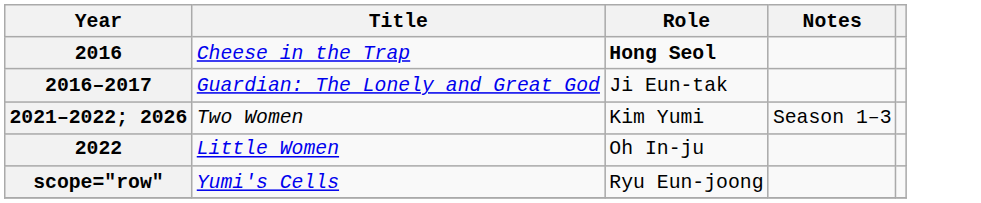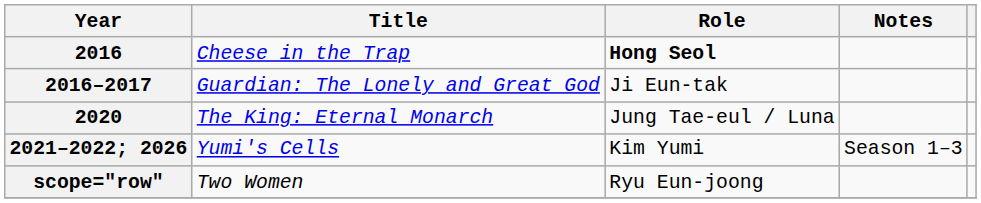 <table class="wikitable sortable plainrowheaders">
 <tr>
 <th scope="col">Year</th>
 <th scope="col">Title</th>
 <th scope="col">Role</th>
 <th scope="col">Notes</th>
 <th scope="col" class="unsortable"></th>
 </tr>
 <tr>
 <th scope="row">2016</th>
 <td><em><a href='#'>Cheese in the Trap</a></em></td>
 <td><strong>Hong Seol</strong></td>
 <td></td>
 <td style="text-align:center"></td>
 </tr>
 <tr>
 <th scope="row">2016–2017</th>
 <td><em><a href='#'>Guardian: The Lonely and Great God</a></em></td>
 <td>Ji Eun-tak</td>
 <td></td>
 <td style="text-align:center"></td>
 </tr>
 <tr>
+<th scope="row">2020</th>
+<td><em><a href='#'>The King: Eternal Monarch</a></em></td>
+<td>Jung Tae-eul / Luna</td>
+<td></td>
+<td style="text-align:center"></td>
+</tr>
+<tr>
 <th scope="row">2021–2022; 2026</th>
-<td><em>Two Women</em></td>
+<td><em><a href='#'>Yumi's Cells</a></em></td>
 <td>Kim Yumi</td>
 <td>Season 1–3</td>
 <td style="text-align:center"></td>
 </tr>
 <tr>
-<th scope="row">2022</th>
-<td><em><a href='#'>Little Women</a></em></td>
-<td>Oh In-ju</td>
-<td></td>
-<td style="text-align:center"></td>
-</tr>
-<tr>
 <th>scope="row" </th>
-<td><em><a href='#'>Yumi's Cells</a></em></td>
+<td><em>Two Women</em></td>
 <td>Ryu Eun-joong</td>
 <td></td>
 <td style="text-align:center"></td>
 </tr>
 <tr>
 </tr>
 </table>
